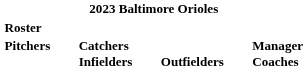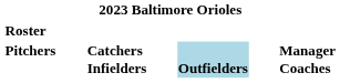 <table class="toccolours" style="font-size: 95%;">
 <tr>
 <th colspan="10">2023 Baltimore Orioles</th>
 </tr>
 <tr>
 <td colspan="10"><strong>Roster</strong></td>
 </tr>
 <tr>
 <td valign="top"><strong>Pitchers</strong><br>                           </td>
 <td style="width:25px;"></td>
 <td valign="top"><strong>Catchers</strong><br>    <strong>Infielders</strong>         </td>
 <td style="width:25px;"></td>
-<td valign="top"><br><strong>Outfielders</strong>         </td>
+<td valign="top" style="background: lightblue;"><br><strong>Outfielders</strong>         </td>
 <td style="width:25px;"></td>
 <td valign="top"><strong>Manager</strong><br> <strong>Coaches</strong>                          </td>
 </tr>
 </table>
